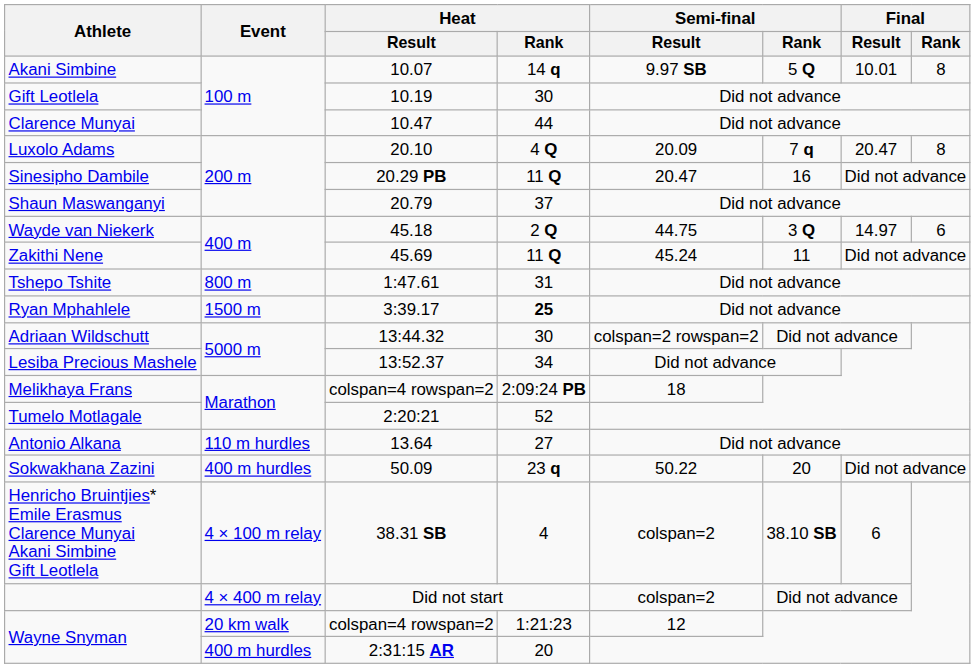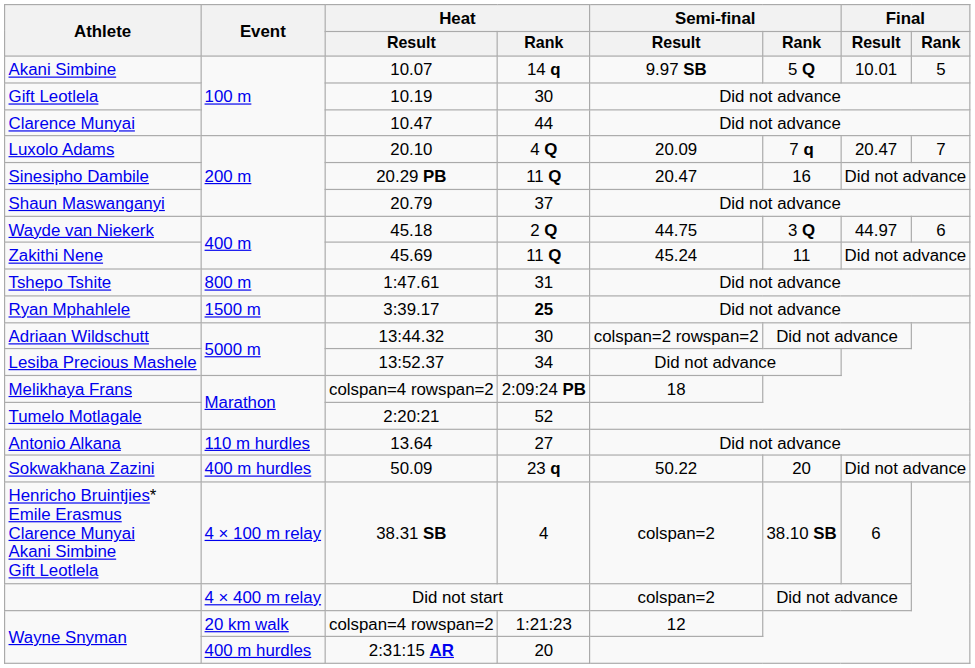 <table class="wikitable" style="font-size:90%">
 <tr>
 <th rowspan="2">Athlete</th>
 <th rowspan="2">Event</th>
 <th colspan="2">Heat</th>
 <th colspan="2">Semi-final</th>
 <th colspan="2">Final</th>
 </tr>
 <tr style="font-size:95%">
 <th>Result</th>
 <th>Rank</th>
 <th>Result</th>
 <th>Rank</th>
 <th>Result</th>
 <th>Rank</th>
 </tr>
 <tr align=center>
 <td align=left><a href='#'>Akani Simbine</a></td>
 <td align=left rowspan=3><a href='#'>100 m</a></td>
 <td>10.07</td>
 <td>14 <strong>q</strong></td>
 <td>9.97 <strong>SB</strong></td>
 <td>5 <strong>Q</strong></td>
 <td>10.01</td>
-<td>8</td>
+<td>5</td>
 </tr>
 <tr align=center>
 <td align=left><a href='#'>Gift Leotlela</a></td>
 <td>10.19</td>
 <td>30</td>
 <td colspan="4">Did not advance</td>
 </tr>
 <tr align=center>
 <td align=left><a href='#'>Clarence Munyai</a></td>
 <td>10.47</td>
 <td>44</td>
 <td colspan="4">Did not advance</td>
 </tr>
 <tr align=center>
 <td align=left><a href='#'>Luxolo Adams</a></td>
 <td align=left rowspan=3><a href='#'>200 m</a></td>
 <td>20.10</td>
 <td>4 <strong>Q</strong></td>
 <td>20.09</td>
 <td>7 <strong>q</strong></td>
 <td>20.47</td>
-<td>8</td>
+<td>7</td>
 </tr>
 <tr align=center>
 <td align=left><a href='#'>Sinesipho Dambile</a></td>
 <td>20.29 <strong>PB</strong></td>
 <td>11 <strong>Q</strong></td>
 <td>20.47</td>
 <td>16</td>
 <td colspan="2">Did not advance</td>
 </tr>
 <tr align=center>
 <td align=left><a href='#'>Shaun Maswanganyi</a></td>
 <td>20.79</td>
 <td>37</td>
 <td colspan="4">Did not advance</td>
 </tr>
 <tr align=center>
 <td align=left><a href='#'>Wayde van Niekerk</a></td>
 <td align=left rowspan=2><a href='#'>400 m</a></td>
 <td>45.18</td>
 <td>2 <strong>Q</strong></td>
 <td>44.75</td>
 <td>3 <strong>Q</strong></td>
-<td>14.97</td>
+<td>44.97</td>
 <td>6</td>
 </tr>
 <tr align=center>
 <td align=left><a href='#'>Zakithi Nene</a></td>
 <td>45.69</td>
 <td>11 <strong>Q</strong></td>
 <td>45.24</td>
 <td>11</td>
 <td colspan="2">Did not advance</td>
 </tr>
 <tr align=center>
 <td align=left><a href='#'>Tshepo Tshite</a></td>
 <td align=left><a href='#'>800 m</a></td>
 <td>1:47.61</td>
 <td>31</td>
 <td colspan="4">Did not advance</td>
 </tr>
 <tr align=center>
 <td align=left><a href='#'>Ryan Mphahlele</a></td>
 <td align=left><a href='#'>1500 m</a></td>
 <td>3:39.17</td>
 <td><strong>25</strong></td>
 <td colspan="4">Did not advance</td>
 </tr>
 <tr align=center>
 <td align=left><a href='#'>Adriaan Wildschutt</a></td>
 <td align=left rowspan=2><a href='#'>5000 m</a></td>
 <td>13:44.32</td>
 <td>30</td>
 <td>colspan=2 rowspan=2 </td>
 <td colspan="2">Did not advance</td>
 </tr>
 <tr align=center>
 <td align=left><a href='#'>Lesiba Precious Mashele</a></td>
 <td>13:52.37</td>
 <td>34</td>
 <td colspan="2">Did not advance</td>
 </tr>
 <tr align=center>
 <td align=left><a href='#'>Melikhaya Frans</a></td>
 <td align=left rowspan=2><a href='#'>Marathon</a></td>
 <td>colspan=4 rowspan=2 </td>
 <td>2:09:24 <strong>PB</strong></td>
 <td>18</td>
 </tr>
 <tr align=center>
 <td align=left><a href='#'>Tumelo Motlagale</a></td>
 <td>2:20:21</td>
 <td>52</td>
 </tr>
 <tr align=center>
 <td align=left><a href='#'>Antonio Alkana</a></td>
 <td align=left><a href='#'>110 m hurdles</a></td>
 <td>13.64</td>
 <td>27</td>
 <td colspan="4">Did not advance</td>
 </tr>
 <tr align=center>
 <td align=left><a href='#'>Sokwakhana Zazini</a></td>
 <td align=left><a href='#'>400 m hurdles</a></td>
 <td>50.09</td>
 <td>23 <strong>q</strong></td>
 <td>50.22</td>
 <td>20</td>
 <td colspan="2">Did not advance</td>
 </tr>
 <tr align=center>
 <td align=left><a href='#'>Henricho Bruintjies</a>*<br> <a href='#'>Emile Erasmus</a><br> <a href='#'>Clarence Munyai</a><br> <a href='#'>Akani Simbine</a><br><a href='#'>Gift Leotlela</a></td>
 <td align=left><a href='#'>4 × 100 m relay</a></td>
 <td>38.31 <strong>SB</strong></td>
 <td>4</td>
 <td>colspan=2</td>
 <td>38.10 <strong>SB</strong></td>
 <td>6</td>
 </tr>
 <tr align=center>
 <td align=left></td>
 <td align=left><a href='#'>4 × 400 m relay</a></td>
 <td colspan=2>Did not start</td>
 <td>colspan=2</td>
 <td colspan="2">Did not advance</td>
 </tr>
 <tr align=center>
 <td align=left rowspan=2><a href='#'>Wayne Snyman</a></td>
 <td align=left><a href='#'>20 km walk</a></td>
 <td>colspan=4 rowspan=2 </td>
 <td>1:21:23</td>
 <td>12</td>
 </tr>
 <tr align=center>
 <td align=left><a href='#'>400 m hurdles</a></td>
 <td>2:31:15 <strong><a href='#'>AR</a></strong></td>
 <td>20</td>
 </tr>
 </table>
